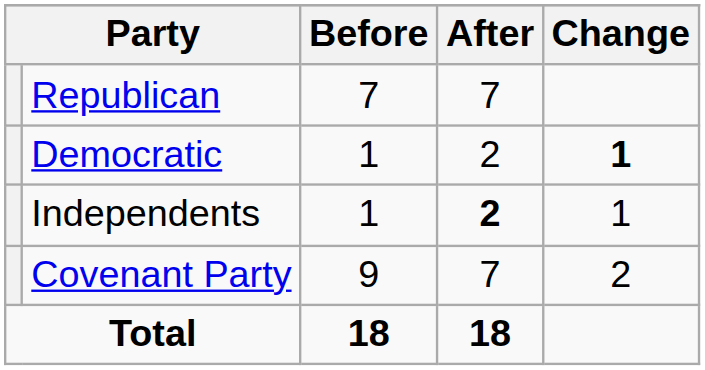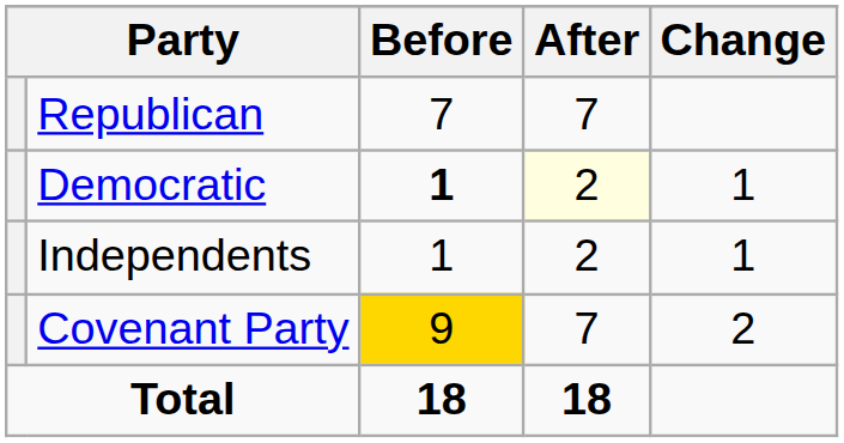 <table class="wikitable" style="text-align:center;">
 <tr>
 </tr>
 <tr>
 <th colspan=2>Party</th>
 <th>Before</th>
 <th>After</th>
 <th>Change</th>
 </tr>
 <tr>
 <th style="background-color:"></th>
 <td style="text-align:left;"><a href='#'>Republican</a></td>
 <td>7</td>
 <td>7</td>
 <td></td>
 </tr>
 <tr>
 <th style="background-color:"></th>
 <td style="text-align:left;"><a href='#'>Democratic</a></td>
-<td>1</td>
-<td>2</td>
-<td><strong> 1</strong></td>
+<td><strong>1</strong></td>
+<td style="background: lightyellow;">2</td>
+<td> 1</td>
 </tr>
 <tr>
 <th style="background-color:"></th>
 <td style="text-align:left;">Independents</td>
 <td>1</td>
-<td><strong>2</strong></td>
+<td>2</td>
 <td> 1</td>
 </tr>
 <tr>
 <th style="background-color:"></th>
 <td style="text-align:left;"><a href='#'>Covenant Party</a></td>
-<td>9</td>
+<td style="background: gold;">9</td>
 <td>7</td>
 <td> 2</td>
 </tr>
 <tr>
 <td colspan=2><strong>Total</strong></td>
 <td><strong>18</strong></td>
 <td><strong>18</strong></td>
 </tr>
 </table>
